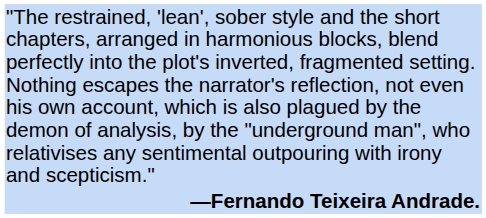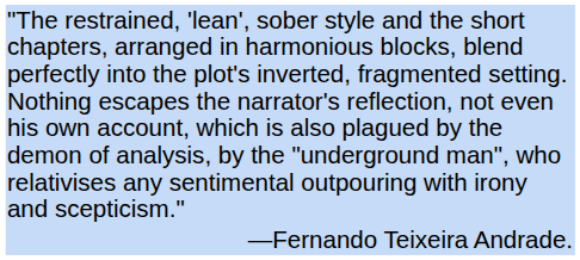 <table class="toccolours" style="float: right; margin-left: 1em; margin-right: 2em; font-size: 85%; background:#c6dbf7; color:black; width:30em; max-width: 25%;" cellspacing="0">
 <tr>
 <td style="text-align: left;">"The restrained, 'lean', sober style and the short chapters, arranged in harmonious blocks, blend perfectly into the plot's inverted, fragmented setting. Nothing escapes the narrator's reflection, not even his own account, which is also plagued by the demon of analysis, by the "underground man", who relativises any sentimental outpouring with irony and scepticism."</td>
 </tr>
 <tr>
-<td style="text-align: right;"><strong>—Fernando Teixeira Andrade.</strong></td>
+<td style="text-align: right;">—Fernando Teixeira Andrade.</td>
 </tr>
 </table>
